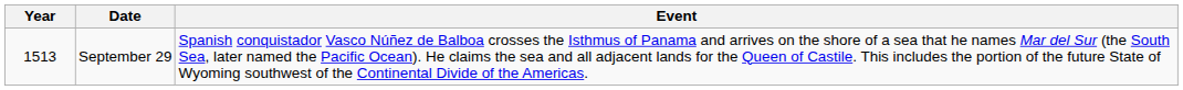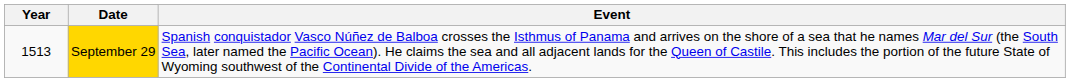 <table class="wikitable" style="width:100%;">
 <tr>
 <th style="width:6%">Year</th>
 <th style="width:8%">Date</th>
 <th style="width:86%">Event</th>
 </tr>
 <tr>
 <td align=center>1513</td>
-<td align=center>September 29</td>
+<td align=center style="background: gold;">September 29</td>
 <td><a href='#'>Spanish</a> <a href='#'>conquistador</a> <a href='#'>Vasco Núñez de Balboa</a> crosses the <a href='#'>Isthmus of Panama</a> and arrives on the shore of a sea that he names <em><a href='#'>Mar del Sur</a></em> (the <a href='#'>South Sea</a>, later named the <a href='#'>Pacific Ocean</a>).  He claims the sea and all adjacent lands for the <a href='#'>Queen of Castile</a>.  This includes the portion of the future State of Wyoming southwest of the <a href='#'>Continental Divide of the Americas</a>.</td>
 </tr>
 </table>
